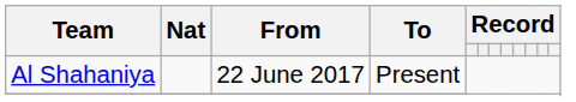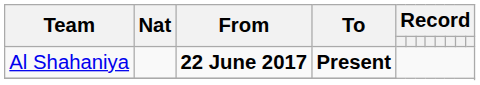 <table class="wikitable" style="text-align: center">
 <tr>
 <th rowspan="2">Team</th>
 <th rowspan="2">Nat</th>
 <th rowspan="2">From</th>
 <th rowspan="2">To</th>
 <th colspan="8">Record</th>
 </tr>
 <tr>
 <th></th>
 <th></th>
 <th></th>
 <th></th>
 <th></th>
 <th></th>
 <th></th>
 <th></th>
 </tr>
 <tr>
 <td align=left><a href='#'>Al Shahaniya</a></td>
 <td></td>
-<td align=left>22 June 2017</td>
-<td align=left>Present<br></td>
+<td align=left><strong>22 June 2017</strong></td>
+<td align=left><strong>Present<br></strong></td>
 </tr>
 <tr>
 </tr>
 </table>
